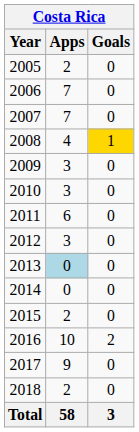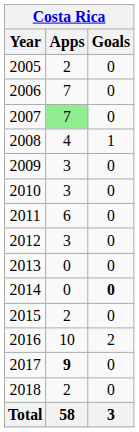 <table class="wikitable" style="text-align:center">
 <tr>
 <th colspan=3><a href='#'>Costa Rica</a></th>
 </tr>
 <tr>
 <th>Year</th>
 <th>Apps</th>
 <th>Goals</th>
 </tr>
 <tr>
 <td>2005</td>
 <td>2</td>
 <td>0</td>
 </tr>
 <tr>
 <td>2006</td>
 <td>7</td>
 <td>0</td>
 </tr>
 <tr>
 <td>2007</td>
-<td>7</td>
+<td style="background: lightgreen;">7</td>
 <td>0</td>
 </tr>
 <tr>
 <td>2008</td>
 <td>4</td>
-<td style="background: gold;">1</td>
+<td>1</td>
 </tr>
 <tr>
 <td>2009</td>
 <td>3</td>
 <td>0</td>
 </tr>
 <tr>
 <td>2010</td>
 <td>3</td>
 <td>0</td>
 </tr>
 <tr>
 <td>2011</td>
 <td>6</td>
 <td>0</td>
 </tr>
 <tr>
 <td>2012</td>
 <td>3</td>
 <td>0</td>
 </tr>
 <tr>
 <td>2013</td>
-<td style="background: lightblue;">0</td>
+<td>0</td>
 <td>0</td>
 </tr>
 <tr>
 <td>2014</td>
 <td>0</td>
-<td>0</td>
+<td><strong>0</strong></td>
 </tr>
 <tr>
 <td>2015</td>
 <td>2</td>
 <td>0</td>
 </tr>
 <tr>
 <td>2016</td>
 <td>10</td>
 <td>2</td>
 </tr>
 <tr>
 <td>2017</td>
-<td>9</td>
+<td><strong>9</strong></td>
 <td>0</td>
 </tr>
 <tr>
 <td>2018</td>
 <td>2</td>
 <td>0</td>
 </tr>
 <tr>
 <th>Total</th>
 <th>58</th>
 <th>3</th>
 </tr>
 </table>
